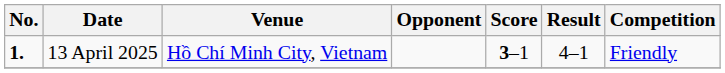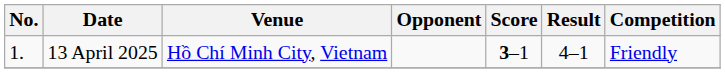 <table class="wikitable">
 <tr>
 <th>No.</th>
 <th>Date</th>
 <th>Venue</th>
 <th>Opponent</th>
 <th>Score</th>
 <th>Result</th>
 <th>Competition</th>
 </tr>
 <tr>
-<td><strong>1.</strong></td>
+<td>1.</td>
 <td>13 April 2025</td>
 <td><a href='#'>Hồ Chí Minh City</a>, <a href='#'>Vietnam</a></td>
 <td></td>
 <td align=center><strong>3</strong>–1</td>
 <td align=center>4–1</td>
 <td><a href='#'>Friendly</a></td>
 </tr>
 <tr>
 </tr>
 </table>
